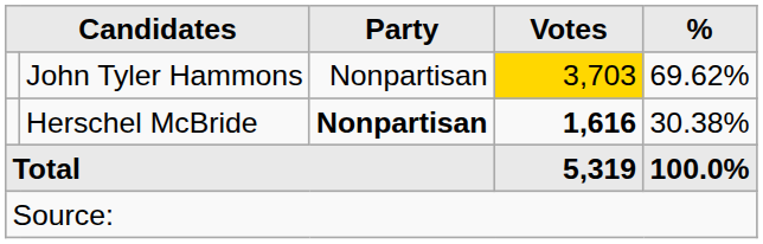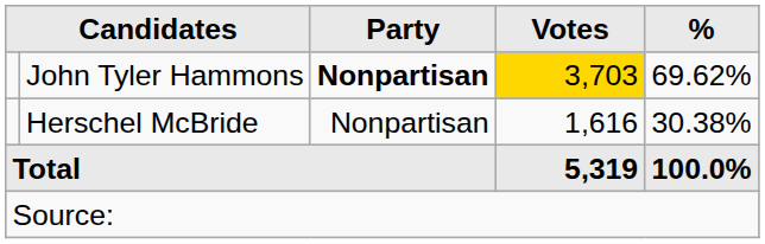 <table class=wikitable style="font-size:95%; text-align:right;">
 <tr>
 <th style="background-color:#E9E9E9" align=center colspan=2>Candidates</th>
 <th style="background-color:#E9E9E9" align=center>Party</th>
 <th style="background-color:#E9E9E9" align=center>Votes</th>
 <th style="background-color:#E9E9E9" align=center>%</th>
 </tr>
 <tr>
 <td></td>
 <td align=left>John Tyler Hammons</td>
-<td>Nonpartisan</td>
+<td><strong>Nonpartisan</strong></td>
 <td style="background: gold;">3,703</td>
 <td>69.62%</td>
 </tr>
 <tr>
 <td></td>
 <td align=left>Herschel McBride</td>
-<td><strong>Nonpartisan</strong></td>
-<td><strong>1,616</strong></td>
+<td>Nonpartisan</td>
+<td>1,616</td>
 <td>30.38%</td>
 </tr>
 <tr>
 <td align=left colspan=3 style="background-color:#E9E9E9"><strong>Total</strong></td>
 <td width="70" align="right" style="background-color:#E9E9E9"><strong>5,319</strong></td>
 <td width="30" align="right" style="background-color:#E9E9E9"><strong>100.0%</strong></td>
 </tr>
 <tr>
 <td align="left" colspan=6>Source: </td>
 </tr>
 </table>
